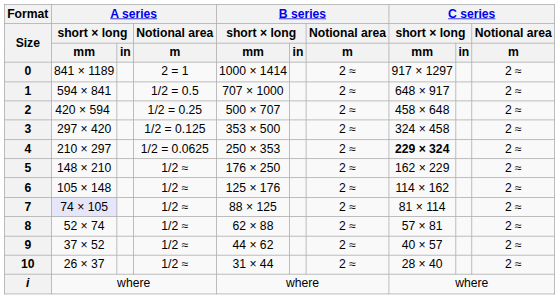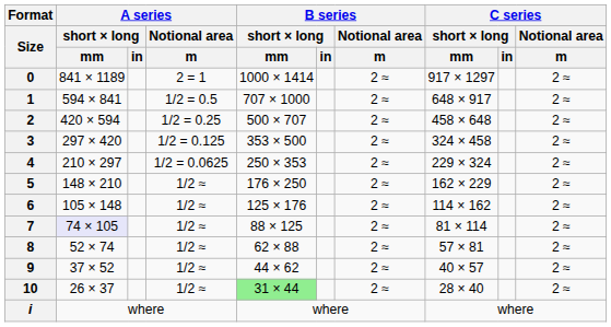 <table class="wikitable" style="text-align: center;">
 <tr>
 <th>Format</th>
 <th colspan="3"><a href='#'>A series</a></th>
 <th colspan="3"><a href='#'>B series</a></th>
 <th colspan="3"><a href='#'>C series</a></th>
 </tr>
 <tr>
 <th rowspan="2">Size</th>
 <th colspan="2">short × long</th>
 <th>Notional area</th>
 <th colspan="2">short × long</th>
 <th>Notional area</th>
 <th colspan="2">short × long</th>
 <th>Notional area</th>
 </tr>
 <tr>
 <th>mm</th>
 <th>in</th>
 <th>m</th>
 <th>mm</th>
 <th>in</th>
 <th>m</th>
 <th>mm</th>
 <th>in</th>
 <th>m</th>
 </tr>
 <tr>
 <th>0</th>
 <td>841 × 1189</td>
 <td> </td>
 <td>2 = 1 </td>
 <td>1000 × 1414</td>
 <td> </td>
 <td>2 ≈ </td>
 <td>917 × 1297</td>
 <td> </td>
 <td>2 ≈ </td>
 </tr>
 <tr>
 <th>1</th>
 <td>594 × 841</td>
 <td> </td>
 <td>1/2 = 0.5</td>
 <td>707 × 1000</td>
 <td> </td>
 <td>2 ≈ </td>
 <td>648 × 917</td>
 <td> </td>
 <td>2 ≈ </td>
 </tr>
 <tr>
 <th>2</th>
 <td>420 × 594 </td>
 <td> </td>
 <td>1/2 = 0.25</td>
 <td>500 × 707</td>
 <td> </td>
 <td>2 ≈ </td>
 <td>458 × 648</td>
 <td> </td>
 <td>2 ≈ </td>
 </tr>
 <tr>
 <th>3</th>
 <td>297 × 420</td>
 <td> </td>
 <td>1/2 = 0.125</td>
 <td>353 × 500</td>
 <td> </td>
 <td>2 ≈  </td>
 <td>324 × 458</td>
 <td> </td>
 <td>2 ≈  </td>
 </tr>
 <tr>
 <th>4</th>
 <td>210 × 297</td>
 <td> </td>
 <td>1/2 = 0.0625</td>
 <td>250 × 353</td>
 <td> </td>
 <td>2 ≈  </td>
-<td><strong>229 × 324</strong></td>
+<td>229 × 324</td>
 <td> </td>
 <td>2 ≈  </td>
 </tr>
 <tr>
 <th>5</th>
 <td>148 × 210</td>
 <td> </td>
 <td>1/2 ≈ </td>
 <td>176 × 250</td>
 <td> </td>
 <td>2 ≈  </td>
 <td>162 × 229</td>
 <td> </td>
 <td>2 ≈  </td>
 </tr>
 <tr>
 <th>6</th>
 <td>105 × 148</td>
 <td> </td>
 <td>1/2 ≈ </td>
 <td>125 × 176</td>
 <td> </td>
 <td>2 ≈  </td>
 <td>114 × 162</td>
 <td> </td>
 <td>2 ≈  </td>
 </tr>
 <tr>
 <th>7</th>
 <td style="background: lavender;">74 × 105</td>
 <td> </td>
 <td>1/2 ≈ </td>
 <td>88 × 125</td>
 <td> </td>
 <td>2 ≈  </td>
 <td>81 × 114</td>
 <td> </td>
 <td>2 ≈  </td>
 </tr>
 <tr>
 <th>8</th>
 <td>52 × 74</td>
 <td> </td>
 <td>1/2 ≈ </td>
 <td>62 × 88</td>
 <td> </td>
 <td>2 ≈  </td>
 <td>57 × 81</td>
 <td> </td>
 <td>2 ≈  </td>
 </tr>
 <tr>
 <th>9</th>
 <td>37 × 52</td>
 <td> </td>
 <td>1/2 ≈ </td>
 <td>44 × 62</td>
 <td> </td>
 <td>2 ≈  </td>
 <td>40 × 57</td>
 <td> </td>
 <td>2 ≈  </td>
 </tr>
 <tr>
 <th>10</th>
 <td>26 × 37</td>
 <td> </td>
 <td>1/2 ≈ </td>
-<td>31 × 44</td>
+<td style="background: lightgreen;">31 × 44</td>
 <td> </td>
 <td>2 ≈  </td>
 <td>28 × 40</td>
 <td> </td>
 <td>2 ≈  </td>
 </tr>
 <tr>
 <th><em>i</em></th>
 <td colspan=3> where </td>
 <td colspan=3> where </td>
 <td colspan=3> where </td>
 </tr>
 </table>
